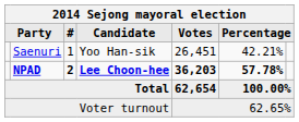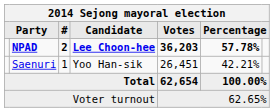 <table class="wikitable">
 <tr>
 <th colspan="7">2014 Sejong mayoral election</th>
 </tr>
 <tr>
 <th style="background-color:#E9E9E9" colspan=2>Party</th>
 <th style="background-color:#E9E9E9">#</th>
 <th style="background-color:#E9E9E9">Candidate</th>
 <th style="background-color:#E9E9E9">Votes</th>
 <th style="background-color:#E9E9E9" colspan=2>Percentage</th>
 </tr>
+<tr style="font-weight:bold">
+<td></td>
+<td align=left><a href='#'>NPAD</a></td>
+<td align=center>2</td>
+<td align=left><a href='#'>Lee Choon-hee</a></td>
+<td align=right>36,203</td>
+<td align=right>57.78%</td>
+<td align=right></td>
+</tr>
 <tr>
 <td></td>
 <td align=left><a href='#'>Saenuri</a> </td>
 <td align=center>1</td>
 <td align=left>Yoo Han-sik</td>
 <td align=right>26,451</td>
 <td align=right>42.21%</td>
-<td align=right></td>
-</tr>
-<tr style="font-weight:bold">
-<td></td>
-<td align=left><a href='#'>NPAD</a></td>
-<td align=center>2</td>
-<td align=left><a href='#'>Lee Choon-hee</a></td>
-<td align=right>36,203</td>
-<td align=right>57.78%</td>
 <td align=right></td>
 </tr>
 <tr bgcolor="#EEEEEE" style="font-weight:bold">
 <td colspan="4" align=right>Total</td>
 <td align=right>62,654</td>
 <td align=right colspan=2>100.00%</td>
 </tr>
 <tr bgcolor="#EEEEEE">
 <td colspan="4" align="right">Voter turnout</td>
 <td colspan="3" align="right">62.65%</td>
 </tr>
 </table>
